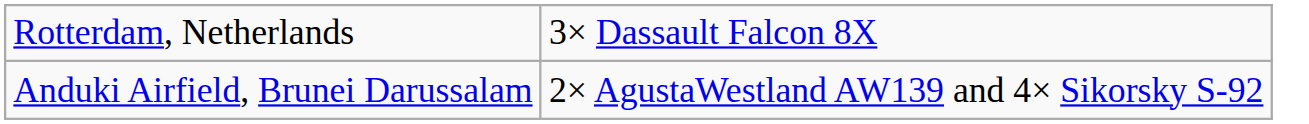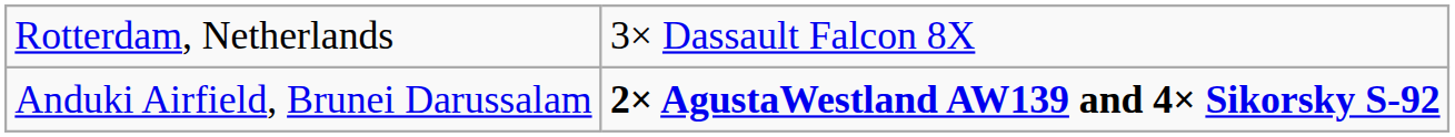 <table class=wikitable>
 <tr>
 <td><a href='#'>Rotterdam</a>, Netherlands</td>
 <td>3× <a href='#'>Dassault Falcon 8X</a></td>
 </tr>
 <tr>
 <td><a href='#'>Anduki Airfield</a>, <a href='#'>Brunei Darussalam</a></td>
-<td>2× <a href='#'>AgustaWestland AW139</a> and 4× <a href='#'>Sikorsky S-92</a></td>
+<td><strong>2× <a href='#'>AgustaWestland AW139</a> and 4× <a href='#'>Sikorsky S-92</a></strong></td>
 </tr>
 </table>
